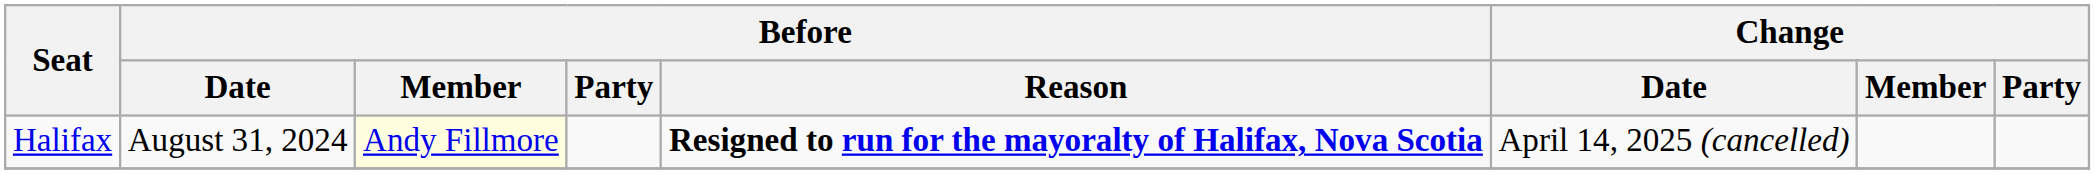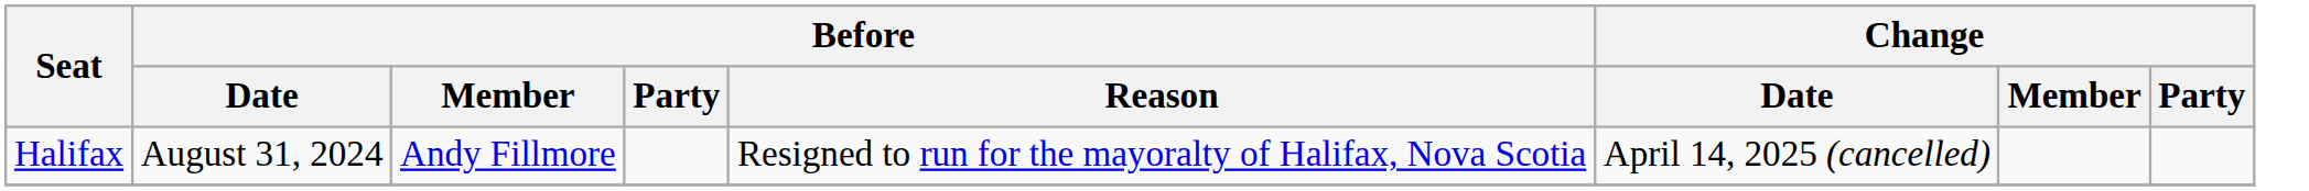 <table class="wikitable"  style="font-size:90%;">
 <tr>
 <th rowspan="2">Seat</th>
 <th colspan="4">Before</th>
 <th colspan="3">Change</th>
 </tr>
 <tr>
 <th>Date</th>
 <th>Member</th>
 <th>Party</th>
 <th>Reason</th>
 <th>Date</th>
 <th>Member</th>
 <th>Party</th>
 </tr>
 <tr>
 <td><a href='#'>Halifax</a></td>
 <td>August 31, 2024</td>
-<td style="background: lightyellow;"><a href='#'>Andy Fillmore</a></td>
+<td><a href='#'>Andy Fillmore</a></td>
 <td></td>
-<td><strong>Resigned to <a href='#'>run for the mayoralty of Halifax, Nova Scotia</a></strong></td>
+<td>Resigned to <a href='#'>run for the mayoralty of Halifax, Nova Scotia</a></td>
 <td>April 14, 2025 <em>(cancelled)</em></td>
 <td></td>
 <td></td>
 </tr>
 <tr>
 </tr>
 </table>
